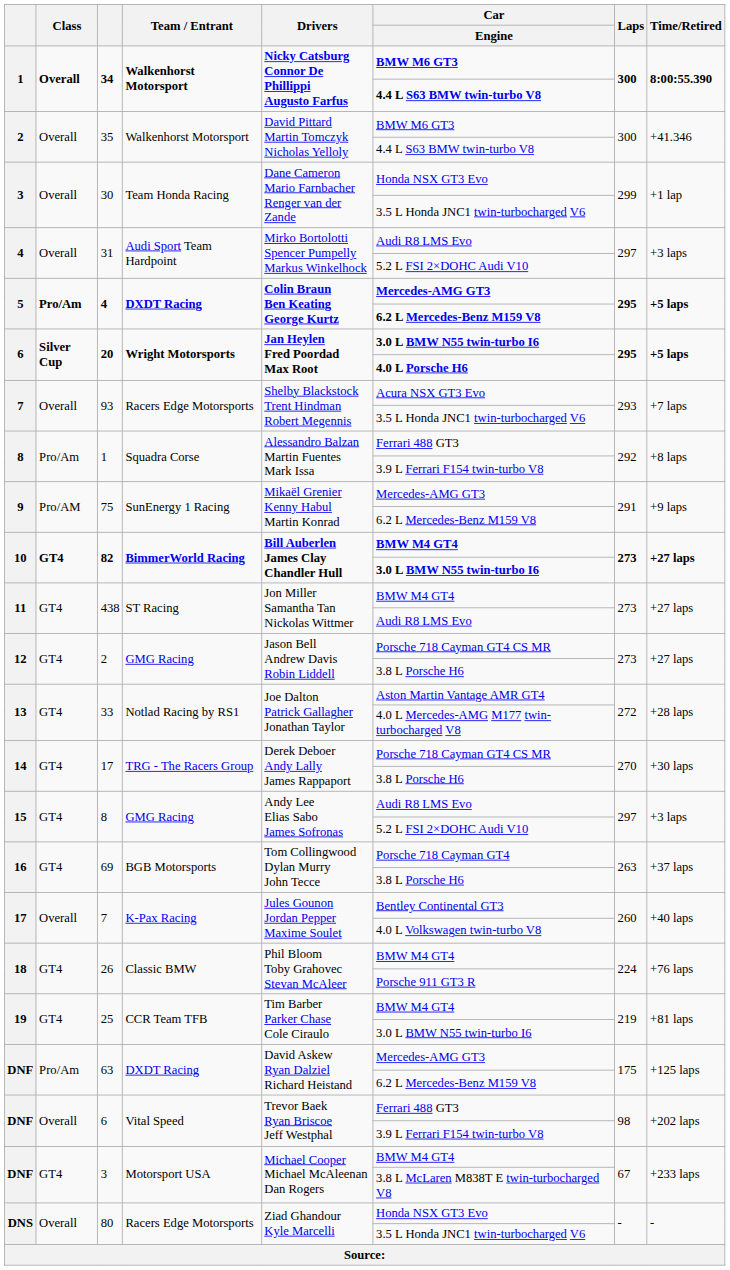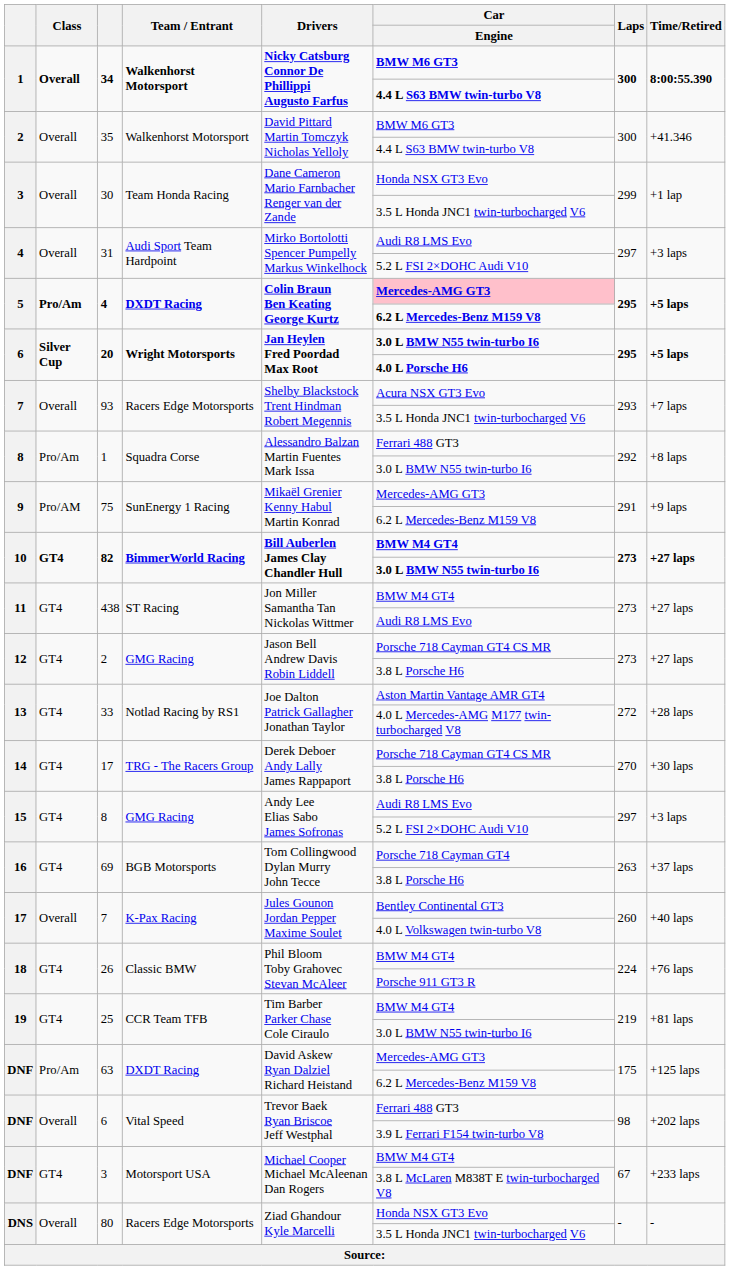 <table class="wikitable" style="font-size: 95%;">
 <tr>
 <th rowspan=2></th>
 <th rowspan=2>Class</th>
 <th rowspan=2></th>
 <th rowspan=2>Team / Entrant</th>
 <th rowspan=2>Drivers</th>
 <th>Car</th>
 <th rowspan=2>Laps</th>
 <th rowspan="2">Time/Retired</th>
 </tr>
 <tr>
 <th>Engine</th>
 </tr>
 <tr style="font-weight: bold">
 <th rowspan="2">1</th>
 <td rowspan="2">Overall</td>
 <td rowspan="2">34</td>
 <td rowspan="2"> Walkenhorst Motorsport</td>
 <td rowspan="2"> <a href='#'>Nicky Catsburg</a><br> <a href='#'>Connor De Phillippi</a><br> <a href='#'>Augusto Farfus</a></td>
 <td><a href='#'>BMW M6 GT3</a></td>
 <td rowspan="2">300</td>
 <td rowspan="2">8:00:55.390</td>
 </tr>
 <tr style="font-weight: bold">
 <td>4.4 L <a href='#'>S63 BMW twin-turbo V8</a></td>
 </tr>
 <tr>
 <th rowspan="2">2</th>
 <td rowspan="2">Overall</td>
 <td rowspan="2">35</td>
 <td rowspan="2"> Walkenhorst Motorsport</td>
 <td rowspan="2"> <a href='#'>David Pittard</a><br> <a href='#'>Martin Tomczyk</a><br> <a href='#'>Nicholas Yelloly</a></td>
 <td><a href='#'>BMW M6 GT3</a></td>
 <td rowspan="2">300</td>
 <td rowspan="2">+41.346</td>
 </tr>
 <tr>
 <td>4.4 L <a href='#'>S63 BMW twin-turbo V8</a></td>
 </tr>
 <tr>
 <th rowspan="2">3</th>
 <td rowspan="2">Overall</td>
 <td rowspan="2">30</td>
 <td rowspan="2"> Team Honda Racing</td>
 <td rowspan="2"> <a href='#'>Dane Cameron</a><br> <a href='#'>Mario Farnbacher</a><br> <a href='#'>Renger van der Zande</a></td>
 <td><a href='#'>Honda NSX GT3 Evo</a></td>
 <td rowspan="2">299</td>
 <td rowspan="2">+1 lap</td>
 </tr>
 <tr>
 <td>3.5 L Honda JNC1 <a href='#'>twin-turbocharged</a> <a href='#'>V6</a></td>
 </tr>
 <tr>
 <th rowspan="2">4</th>
 <td rowspan="2">Overall</td>
 <td rowspan="2">31</td>
 <td rowspan="2"> <a href='#'>Audi Sport</a> Team Hardpoint</td>
 <td rowspan="2"> <a href='#'>Mirko Bortolotti</a><br> <a href='#'>Spencer Pumpelly</a><br> <a href='#'>Markus Winkelhock</a></td>
 <td><a href='#'>Audi R8 LMS Evo</a></td>
 <td rowspan="2">297</td>
 <td rowspan="2">+3 laps</td>
 </tr>
 <tr>
 <td>5.2 L <a href='#'>FSI 2×DOHC Audi V10</a></td>
 </tr>
 <tr style="font-weight: bold">
 <th rowspan="2">5</th>
 <td rowspan="2">Pro/Am</td>
 <td rowspan="2">4</td>
 <td rowspan="2"> <a href='#'>DXDT Racing</a></td>
 <td rowspan="2"> <a href='#'>Colin Braun</a><br> <a href='#'>Ben Keating</a><br> <a href='#'>George Kurtz</a></td>
-<td><a href='#'>Mercedes-AMG GT3</a></td>
+<td style="background: pink;"><a href='#'>Mercedes-AMG GT3</a></td>
 <td rowspan="2">295</td>
 <td rowspan="2">+5 laps</td>
 </tr>
 <tr style="font-weight: bold">
 <td>6.2 L <a href='#'>Mercedes-Benz M159 V8</a></td>
 </tr>
 <tr style="font-weight: bold">
 <th rowspan="2">6</th>
 <td rowspan="2">Silver Cup</td>
 <td rowspan="2">20</td>
 <td rowspan="2"> Wright Motorsports</td>
 <td rowspan="2"> <a href='#'>Jan Heylen</a><br> Fred Poordad<br> Max Root</td>
 <td>3.0 L <a href='#'>BMW N55 twin-turbo I6</a></td>
 <td rowspan="2">295</td>
 <td rowspan="2">+5 laps</td>
 </tr>
 <tr style="font-weight: bold">
 <td>4.0 L <a href='#'>Porsche H6</a></td>
 </tr>
 <tr>
 <th rowspan="2">7</th>
 <td rowspan="2">Overall</td>
 <td rowspan="2">93</td>
 <td rowspan="2"> Racers Edge Motorsports</td>
 <td rowspan="2"> <a href='#'>Shelby Blackstock</a><br> <a href='#'>Trent Hindman</a><br> <a href='#'>Robert Megennis</a></td>
 <td><a href='#'>Acura NSX GT3 Evo</a></td>
 <td rowspan="2">293</td>
 <td rowspan="2">+7 laps</td>
 </tr>
 <tr>
 <td>3.5 L Honda JNC1 <a href='#'>twin-turbocharged</a> <a href='#'>V6</a></td>
 </tr>
 <tr>
 <th rowspan="2">8</th>
 <td rowspan="2">Pro/Am</td>
 <td rowspan="2">1</td>
 <td rowspan="2"> Squadra Corse</td>
 <td rowspan="2"> <a href='#'>Alessandro Balzan</a><br> Martin Fuentes<br> Mark Issa</td>
 <td><a href='#'>Ferrari 488</a> GT3</td>
 <td rowspan="2">292</td>
 <td rowspan="2">+8 laps</td>
 </tr>
 <tr>
-<td>3.9 L <a href='#'>Ferrari F154 twin-turbo V8</a></td>
+<td>3.0 L <a href='#'>BMW N55 twin-turbo I6</a></td>
 </tr>
 <tr>
 <th rowspan="2">9</th>
 <td rowspan="2">Pro/AM</td>
 <td rowspan="2">75</td>
 <td rowspan="2"> SunEnergy 1 Racing</td>
 <td rowspan="2"> <a href='#'>Mikaël Grenier</a><br> <a href='#'>Kenny Habul</a><br> Martin Konrad</td>
 <td><a href='#'>Mercedes-AMG GT3</a></td>
 <td rowspan="2">291</td>
 <td rowspan="2">+9 laps</td>
 </tr>
 <tr>
 <td>6.2 L <a href='#'>Mercedes-Benz M159 V8</a></td>
 </tr>
 <tr style="font-weight: bold">
 <th rowspan="2">10</th>
 <td rowspan="2">GT4</td>
 <td rowspan="2">82</td>
 <td rowspan="2"> <a href='#'>BimmerWorld Racing</a></td>
 <td rowspan="2"> <a href='#'>Bill Auberlen</a><br> James Clay<br> Chandler Hull</td>
 <td><a href='#'>BMW M4 GT4</a></td>
 <td rowspan="2">273</td>
 <td rowspan="2">+27 laps</td>
 </tr>
 <tr style="font-weight: bold">
 <td>3.0 L <a href='#'>BMW N55 twin-turbo I6</a></td>
 </tr>
 <tr>
 <th rowspan="2">11</th>
 <td rowspan="2">GT4</td>
 <td rowspan="2">438</td>
 <td rowspan="2"> ST Racing</td>
 <td rowspan="2"> Jon Miller<br> Samantha Tan<br> Nickolas Wittmer</td>
 <td><a href='#'>BMW M4 GT4</a></td>
 <td rowspan="2">273</td>
 <td rowspan="2">+27 laps</td>
 </tr>
 <tr>
 <td><a href='#'>Audi R8 LMS Evo</a></td>
 </tr>
 <tr>
 <th rowspan="2">12</th>
 <td rowspan="2">GT4</td>
 <td rowspan="2">2</td>
 <td rowspan="2"> <a href='#'>GMG Racing</a></td>
 <td rowspan="2"> Jason Bell<br> Andrew Davis<br> <a href='#'>Robin Liddell</a></td>
 <td><a href='#'>Porsche 718 Cayman GT4 CS MR</a></td>
 <td rowspan="2">273</td>
 <td rowspan="2">+27 laps</td>
 </tr>
 <tr>
 <td>3.8 L <a href='#'>Porsche H6</a></td>
 </tr>
 <tr>
 <th rowspan="2">13</th>
 <td rowspan="2">GT4</td>
 <td rowspan="2">33</td>
 <td rowspan="2"> Notlad Racing by RS1</td>
 <td rowspan="2"> Joe Dalton<br> <a href='#'>Patrick Gallagher</a><br> Jonathan Taylor</td>
 <td><a href='#'>Aston Martin Vantage AMR GT4</a></td>
 <td rowspan="2">272</td>
 <td rowspan="2">+28 laps</td>
 </tr>
 <tr>
 <td>4.0 L <a href='#'>Mercedes-AMG</a> <a href='#'>M177</a> <a href='#'>twin-turbocharged</a> <a href='#'>V8</a></td>
 </tr>
 <tr>
 <th rowspan="2">14</th>
 <td rowspan="2">GT4</td>
 <td rowspan="2">17</td>
 <td rowspan="2"> <a href='#'>TRG - The Racers Group</a></td>
 <td rowspan="2"> Derek Deboer<br> <a href='#'>Andy Lally</a><br> James Rappaport</td>
 <td><a href='#'>Porsche 718 Cayman GT4 CS MR</a></td>
 <td rowspan="2">270</td>
 <td rowspan="2">+30 laps</td>
 </tr>
 <tr>
 <td>3.8 L <a href='#'>Porsche H6</a></td>
 </tr>
 <tr>
 <th rowspan="2">15</th>
 <td rowspan="2">GT4</td>
 <td rowspan="2">8</td>
 <td rowspan="2"> <a href='#'>GMG Racing</a></td>
 <td rowspan="2"> Andy Lee<br> Elias Sabo<br> <a href='#'>James Sofronas</a></td>
 <td><a href='#'>Audi R8 LMS Evo</a></td>
 <td rowspan="2">297</td>
 <td rowspan="2">+3 laps</td>
 </tr>
 <tr>
 <td>5.2 L <a href='#'>FSI 2×DOHC Audi V10</a></td>
 </tr>
 <tr>
 <th rowspan="2">16</th>
 <td rowspan="2">GT4</td>
 <td rowspan="2">69</td>
 <td rowspan="2"> BGB Motorsports</td>
 <td rowspan="2"> Tom Collingwood<br> Dylan Murry<br> John Tecce</td>
 <td><a href='#'>Porsche 718 Cayman GT4</a></td>
 <td rowspan="2">263</td>
 <td rowspan="2">+37 laps</td>
 </tr>
 <tr>
 <td>3.8 L <a href='#'>Porsche H6</a></td>
 </tr>
 <tr>
 <th rowspan="2">17</th>
 <td rowspan="2">Overall</td>
 <td rowspan="2">7</td>
 <td rowspan="2"> <a href='#'>K-Pax Racing</a></td>
 <td rowspan="2"> <a href='#'>Jules Gounon</a><br> <a href='#'>Jordan Pepper</a><br> <a href='#'>Maxime Soulet</a></td>
 <td><a href='#'>Bentley Continental GT3</a></td>
 <td rowspan="2">260</td>
 <td rowspan="2">+40 laps</td>
 </tr>
 <tr>
 <td>4.0 L <a href='#'>Volkswagen twin-turbo V8</a></td>
 </tr>
 <tr>
 <th rowspan="2">18</th>
 <td rowspan="2">GT4</td>
 <td rowspan="2">26</td>
 <td rowspan="2"> Classic BMW</td>
 <td rowspan="2"> Phil Bloom<br> Toby Grahovec<br> <a href='#'>Stevan McAleer</a></td>
 <td><a href='#'>BMW M4 GT4</a></td>
 <td rowspan="2">224</td>
 <td rowspan="2">+76 laps</td>
 </tr>
 <tr>
 <td><a href='#'>Porsche 911 GT3 R</a></td>
 </tr>
 <tr>
 <th rowspan="2">19</th>
 <td rowspan="2">GT4</td>
 <td rowspan="2">25</td>
 <td rowspan="2"> CCR Team TFB</td>
 <td rowspan="2"> Tim Barber<br> <a href='#'>Parker Chase</a><br> Cole Ciraulo</td>
 <td><a href='#'>BMW M4 GT4</a></td>
 <td rowspan="2">219</td>
 <td rowspan="2">+81 laps</td>
 </tr>
 <tr>
 <td>3.0 L <a href='#'>BMW N55 twin-turbo I6</a></td>
 </tr>
 <tr>
 <th rowspan="2">DNF</th>
 <td rowspan="2">Pro/Am</td>
 <td rowspan="2">63</td>
 <td rowspan="2"> <a href='#'>DXDT Racing</a></td>
 <td rowspan="2"> David Askew<br> <a href='#'>Ryan Dalziel</a><br> Richard Heistand</td>
 <td><a href='#'>Mercedes-AMG GT3</a></td>
 <td rowspan="2">175</td>
 <td rowspan="2">+125 laps</td>
 </tr>
 <tr>
 <td>6.2 L <a href='#'>Mercedes-Benz M159 V8</a></td>
 </tr>
 <tr>
 <th rowspan="2">DNF</th>
 <td rowspan="2">Overall</td>
 <td rowspan="2">6</td>
 <td rowspan="2"> Vital Speed</td>
 <td rowspan="2"> Trevor Baek<br> <a href='#'>Ryan Briscoe</a><br> Jeff Westphal</td>
 <td><a href='#'>Ferrari 488</a> GT3</td>
 <td rowspan="2">98</td>
 <td rowspan="2">+202 laps</td>
 </tr>
 <tr>
 <td>3.9 L <a href='#'>Ferrari F154 twin-turbo V8</a></td>
 </tr>
 <tr>
 <th rowspan="2">DNF</th>
 <td rowspan="2">GT4</td>
 <td rowspan="2">3</td>
 <td rowspan="2"> Motorsport USA</td>
 <td rowspan="2"> <a href='#'>Michael Cooper</a><br> Michael McAleenan<br> Dan Rogers</td>
 <td><a href='#'>BMW M4 GT4</a></td>
 <td rowspan="2">67</td>
 <td rowspan="2">+233 laps</td>
 </tr>
 <tr>
 <td>3.8 L <a href='#'>McLaren</a> M838T E <a href='#'>twin-turbocharged</a> <a href='#'>V8</a></td>
 </tr>
 <tr>
 <th rowspan="2">DNS</th>
 <td rowspan="2">Overall</td>
 <td rowspan="2">80</td>
 <td rowspan="2"> Racers Edge Motorsports</td>
 <td rowspan="2"> Ziad Ghandour<br> <a href='#'>Kyle Marcelli</a></td>
 <td><a href='#'>Honda NSX GT3 Evo</a></td>
 <td rowspan="2">-</td>
 <td rowspan="2">-</td>
 </tr>
 <tr>
 <td>3.5 L Honda JNC1 <a href='#'>twin-turbocharged</a> <a href='#'>V6</a></td>
 </tr>
 <tr>
 <th colspan=8>Source:</th>
 </tr>
 </table>
